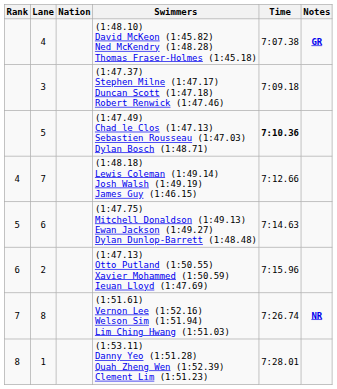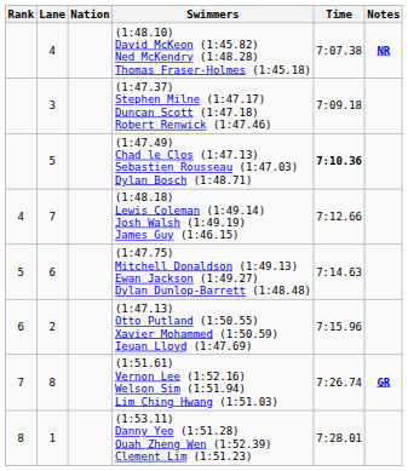 <table class="wikitable sortable" style="text-align:center">
 <tr>
 <th>Rank</th>
 <th>Lane</th>
 <th>Nation</th>
 <th>Swimmers</th>
 <th>Time</th>
 <th>Notes</th>
 </tr>
 <tr>
 <td></td>
 <td>4</td>
 <td align=left></td>
 <td align=left> (1:48.10)<br><a href='#'>David McKeon</a> (1:45.82)<br><a href='#'>Ned McKendry</a> (1:48.28)<br><a href='#'>Thomas Fraser-Holmes</a> (1:45.18)</td>
 <td>7:07.38</td>
-<td><strong><a href='#'>GR</a></strong></td>
+<td><strong><a href='#'>NR</a></strong></td>
 </tr>
 <tr>
 <td></td>
 <td>3</td>
 <td align=left></td>
 <td align=left> (1:47.37)<br><a href='#'>Stephen Milne</a> (1:47.17)<br><a href='#'>Duncan Scott</a> (1:47.18)<br><a href='#'>Robert Renwick</a> (1:47.46)</td>
 <td>7:09.18</td>
 <td></td>
 </tr>
 <tr>
 <td></td>
 <td>5</td>
 <td align=left></td>
 <td align=left> (1:47.49)<br><a href='#'>Chad le Clos</a> (1:47.13)<br><a href='#'>Sebastien Rousseau</a> (1:47.03)<br><a href='#'>Dylan Bosch</a> (1:48.71)</td>
 <td><strong>7:10.36</strong></td>
 <td></td>
 </tr>
 <tr>
 <td>4</td>
 <td>7</td>
 <td align=left></td>
 <td align=left> (1:48.18)<br><a href='#'>Lewis Coleman</a> (1:49.14)<br><a href='#'>Josh Walsh</a> (1:49.19)<br><a href='#'>James Guy</a> (1:46.15)</td>
 <td>7:12.66</td>
 <td></td>
 </tr>
 <tr>
 <td>5</td>
 <td>6</td>
 <td align=left></td>
 <td align=left> (1:47.75)<br><a href='#'>Mitchell Donaldson</a> (1:49.13)<br><a href='#'>Ewan Jackson</a> (1:49.27)<br><a href='#'>Dylan Dunlop-Barrett</a> (1:48.48)</td>
 <td>7:14.63</td>
 <td></td>
 </tr>
 <tr>
 <td>6</td>
 <td>2</td>
 <td align=left></td>
 <td align=left> (1:47.13)<br><a href='#'>Otto Putland</a> (1:50.55)<br><a href='#'>Xavier Mohammed</a> (1:50.59)<br><a href='#'>Ieuan Lloyd</a> (1:47.69)</td>
 <td>7:15.96</td>
 <td></td>
 </tr>
 <tr>
 <td>7</td>
 <td>8</td>
 <td align=left></td>
 <td align=left> (1:51.61)<br><a href='#'>Vernon Lee</a> (1:52.16)<br><a href='#'>Welson Sim</a> (1:51.94)<br><a href='#'>Lim Ching Hwang</a> (1:51.03)</td>
 <td>7:26.74</td>
-<td><strong><a href='#'>NR</a></strong></td>
+<td><strong><a href='#'>GR</a></strong></td>
 </tr>
 <tr>
 <td>8</td>
 <td>1</td>
 <td align=left></td>
 <td align=left> (1:53.11)<br><a href='#'>Danny Yeo</a> (1:51.28)<br><a href='#'>Quah Zheng Wen</a> (1:52.39)<br><a href='#'>Clement Lim</a> (1:51.23)</td>
 <td>7:28.01</td>
 <td></td>
 </tr>
 </table>
